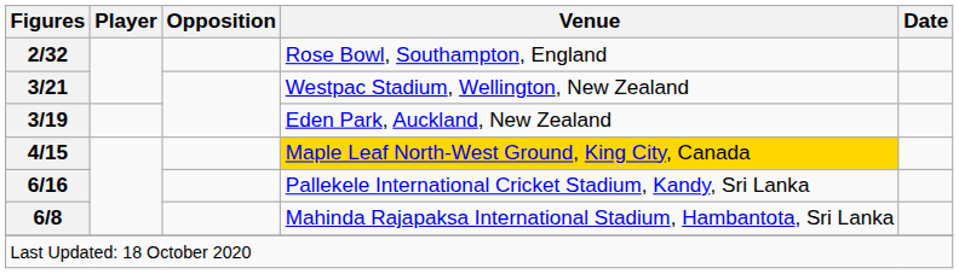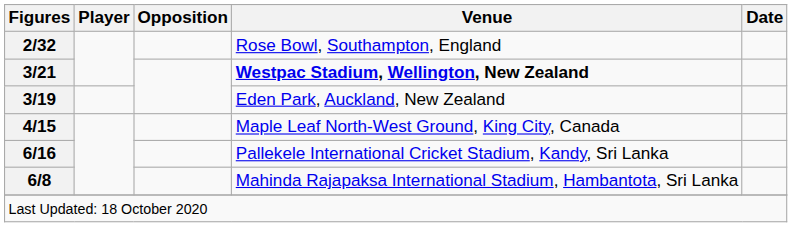 <table class="wikitable plainrowheaders sortable">
 <tr>
 <th scope=col>Figures</th>
 <th scope=col>Player</th>
 <th scope=col>Opposition</th>
 <th scope=col>Venue</th>
 <th scope=col>Date</th>
 </tr>
 <tr>
 <th>2/32</th>
 <td rowspan=2></td>
 <td></td>
 <td><a href='#'>Rose Bowl</a>, <a href='#'>Southampton</a>, England</td>
 <td></td>
 </tr>
 <tr>
 <th>3/21</th>
 <td rowspan=2></td>
-<td><a href='#'>Westpac Stadium</a>, <a href='#'>Wellington</a>, New Zealand</td>
+<td><strong><a href='#'>Westpac Stadium</a>, <a href='#'>Wellington</a>, New Zealand</strong></td>
 <td></td>
 </tr>
 <tr>
 <th>3/19</th>
 <td></td>
 <td><a href='#'>Eden Park</a>, <a href='#'>Auckland</a>, New Zealand</td>
 <td></td>
 </tr>
 <tr>
 <th>4/15</th>
 <td rowspan=3></td>
 <td></td>
-<td style="background: gold;"><a href='#'>Maple Leaf North-West Ground</a>, <a href='#'>King City</a>, Canada</td>
+<td><a href='#'>Maple Leaf North-West Ground</a>, <a href='#'>King City</a>, Canada</td>
 <td></td>
 </tr>
 <tr>
 <th>6/16</th>
 <td></td>
 <td><a href='#'>Pallekele International Cricket Stadium</a>, <a href='#'>Kandy</a>, Sri Lanka</td>
 <td></td>
 </tr>
 <tr>
 <th>6/8</th>
 <td></td>
 <td><a href='#'>Mahinda Rajapaksa International Stadium</a>, <a href='#'>Hambantota</a>, Sri Lanka</td>
 <td> </td>
 </tr>
 <tr>
 </tr>
 <tr class=sortbottom>
 <td colspan=5><small>Last Updated: 18 October 2020</small></td>
 </tr>
 </table>
